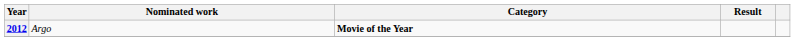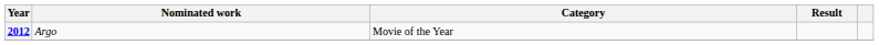 <table class=wikitable>
 <tr>
 <th scope="col" style="width:1em;">Year</th>
 <th scope="col" style="width:30em;">Nominated work</th>
 <th scope="col" style="width:38em;">Category</th>
 <th scope="col" style="width:5em;">Result</th>
 <th scope="col" style="width:1em;"></th>
 </tr>
 <tr>
 <th scope="row"><a href='#'>2012</a></th>
 <td><em>Argo</em></td>
-<td><strong>Movie of the Year</strong></td>
+<td>Movie of the Year</td>
 <td></td>
 <td style="text-align:center;"></td>
 </tr>
 <tr>
 </tr>
 </table>
